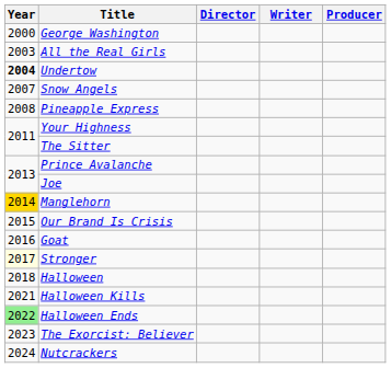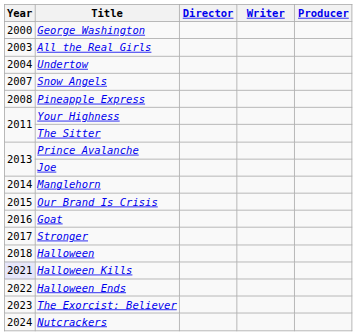 <table class="wikitable">
 <tr>
 <th>Year</th>
 <th>Title</th>
 <th width=65><a href='#'>Director</a></th>
 <th width=65><a href='#'>Writer</a></th>
 <th width=65><a href='#'>Producer</a></th>
 </tr>
 <tr>
 <td>2000</td>
 <td><em><a href='#'>George Washington</a></em></td>
 <td></td>
 <td></td>
 <td></td>
 </tr>
 <tr>
 <td>2003</td>
 <td><em><a href='#'>All the Real Girls</a></em></td>
 <td></td>
 <td></td>
 <td></td>
 </tr>
 <tr>
-<td><strong>2004</strong></td>
+<td>2004</td>
 <td><em><a href='#'>Undertow</a></em></td>
 <td></td>
 <td></td>
 <td></td>
 </tr>
 <tr>
 <td>2007</td>
 <td><em><a href='#'>Snow Angels</a></em></td>
 <td></td>
 <td></td>
 <td></td>
 </tr>
 <tr>
 <td>2008</td>
 <td><em><a href='#'>Pineapple Express</a></em></td>
 <td></td>
 <td></td>
 <td></td>
 </tr>
 <tr>
 <td rowspan="2">2011</td>
 <td><em><a href='#'>Your Highness</a></em></td>
 <td></td>
 <td></td>
 <td></td>
 </tr>
 <tr>
 <td><em><a href='#'>The Sitter</a></em></td>
 <td></td>
 <td></td>
 <td></td>
 </tr>
 <tr>
 <td rowspan="2">2013</td>
 <td><em><a href='#'>Prince Avalanche</a></em></td>
 <td></td>
 <td></td>
 <td></td>
 </tr>
 <tr>
 <td><em><a href='#'>Joe</a></em></td>
 <td></td>
 <td></td>
 <td></td>
 </tr>
 <tr>
-<td style="background: gold;">2014</td>
+<td>2014</td>
 <td><em><a href='#'>Manglehorn</a></em></td>
 <td></td>
 <td></td>
 <td></td>
 </tr>
 <tr>
 <td>2015</td>
 <td><em><a href='#'>Our Brand Is Crisis</a></em></td>
 <td></td>
 <td></td>
 <td></td>
 </tr>
 <tr>
 <td>2016</td>
 <td><em><a href='#'>Goat</a></em></td>
 <td></td>
 <td></td>
 <td></td>
 </tr>
 <tr>
-<td style="background: lightyellow;">2017</td>
+<td>2017</td>
 <td><em><a href='#'>Stronger</a></em></td>
 <td></td>
 <td></td>
 <td></td>
 </tr>
 <tr>
 <td>2018</td>
 <td><em><a href='#'>Halloween</a></em></td>
 <td></td>
 <td></td>
 <td></td>
 </tr>
 <tr>
-<td>2021</td>
+<td style="background: lavender;">2021</td>
 <td><em><a href='#'>Halloween Kills</a></em></td>
 <td></td>
 <td></td>
 <td></td>
 </tr>
 <tr>
-<td style="background: lightgreen;">2022</td>
+<td>2022</td>
 <td><em><a href='#'>Halloween Ends</a></em></td>
 <td></td>
 <td></td>
 <td></td>
 </tr>
 <tr>
 <td>2023</td>
 <td><em><a href='#'>The Exorcist: Believer</a></em></td>
 <td></td>
 <td></td>
 <td></td>
 </tr>
 <tr>
 <td>2024</td>
 <td><em><a href='#'>Nutcrackers</a></em></td>
 <td></td>
 <td></td>
 <td></td>
 </tr>
 </table>
